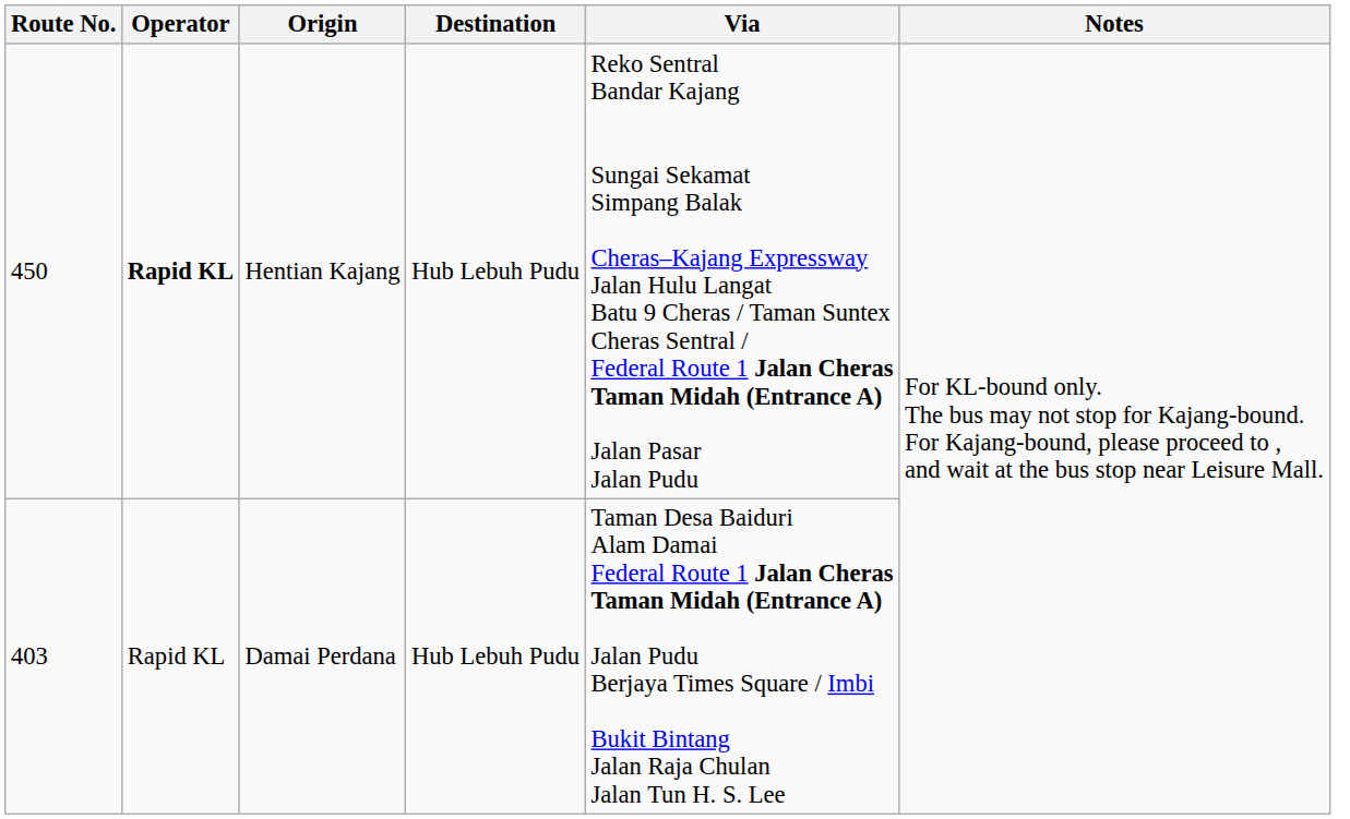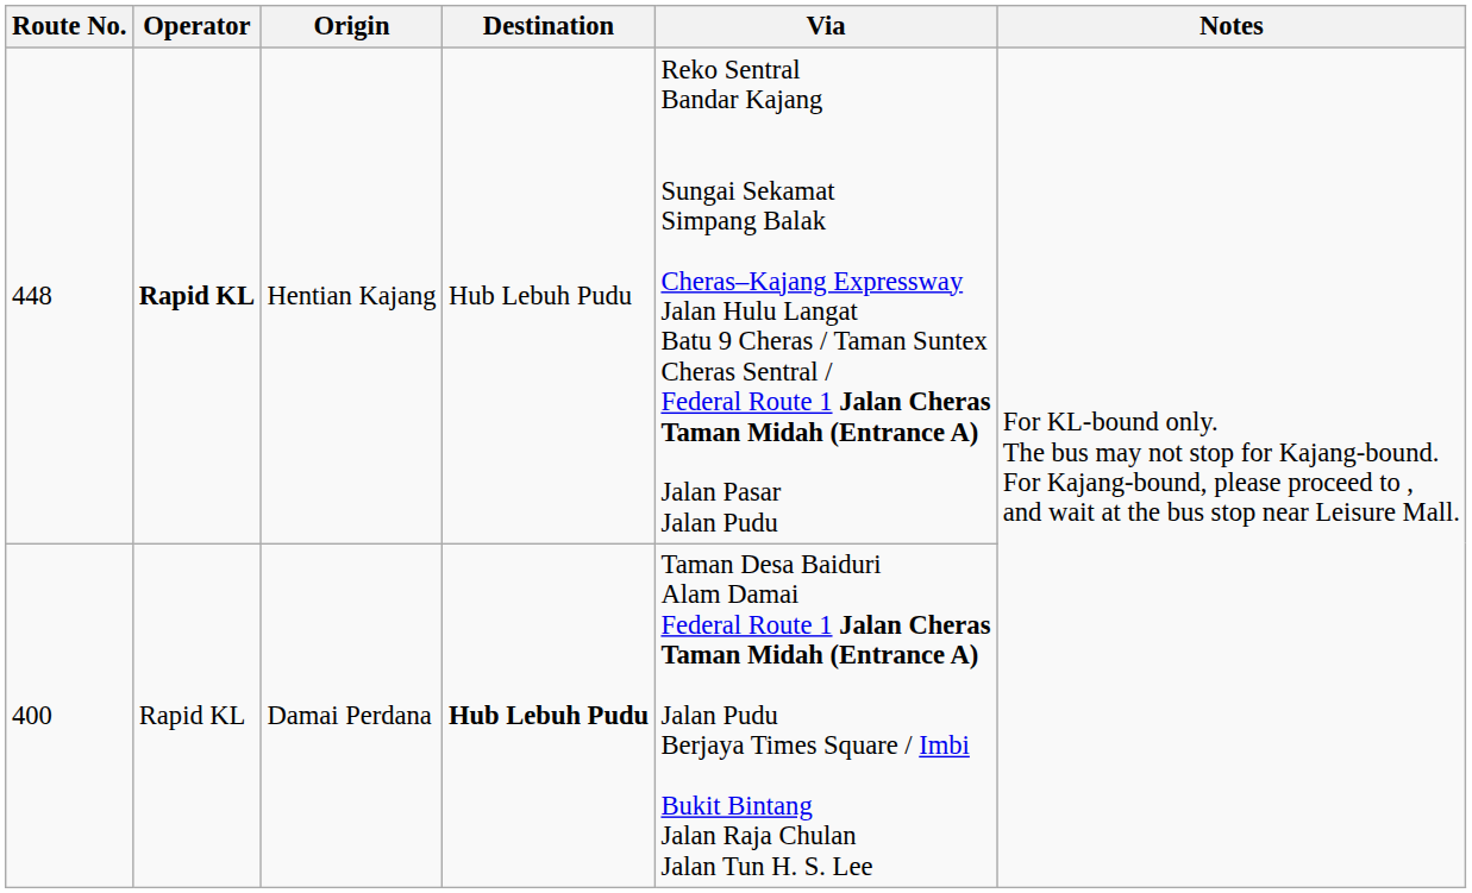 <table class="wikitable">
 <tr>
 <th>Route No.</th>
 <th>Operator</th>
 <th>Origin</th>
 <th>Destination</th>
 <th>Via</th>
 <th>Notes</th>
 </tr>
 <tr>
-<td>450</td>
+<td>448</td>
 <td><strong>Rapid KL</strong></td>
 <td>Hentian Kajang</td>
 <td>Hub Lebuh Pudu</td>
 <td>Reko Sentral<br>Bandar Kajang<br>  <br>  <br> Sungai Sekamat<br> Simpang Balak<br>  <br> <a href='#'>Cheras–Kajang Expressway</a> <br> Jalan Hulu Langat<br> Batu 9 Cheras / Taman Suntex<br> Cheras Sentral /  <br> <a href='#'>Federal Route 1</a> <strong>Jalan Cheras</strong><br>  <strong>Taman Midah (Entrance A)</strong><br>  <br> Jalan Pasar<br> Jalan Pudu</td>
 <td rowspan="2">For KL-bound only.<br>The bus may not stop for Kajang-bound.<br> For Kajang-bound, please proceed to  , <br> and wait at the bus stop near Leisure Mall.</td>
 </tr>
 <tr>
-<td>403</td>
+<td>400</td>
 <td>Rapid KL</td>
 <td>Damai Perdana</td>
-<td>Hub Lebuh Pudu</td>
+<td><strong>Hub Lebuh Pudu</strong></td>
 <td>Taman Desa Baiduri<br>Alam Damai<br> <a href='#'>Federal Route 1</a> <strong>Jalan Cheras</strong><br>  <strong>Taman Midah (Entrance A)</strong><br>  <br> Jalan Pudu<br> Berjaya Times Square /  <a href='#'>Imbi</a><br>   <br>  <a href='#'>Bukit Bintang</a><br> Jalan Raja Chulan<br> Jalan Tun H. S. Lee</td>
 </tr>
 </table>
